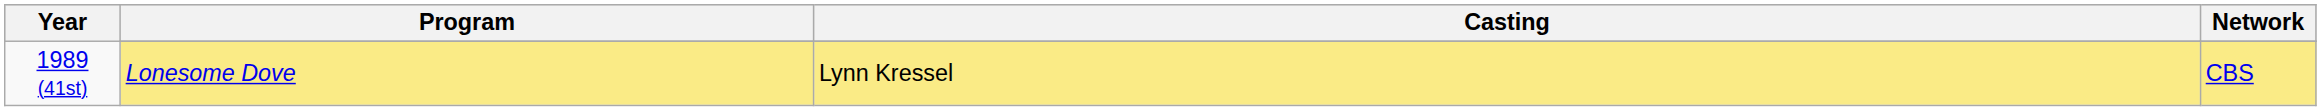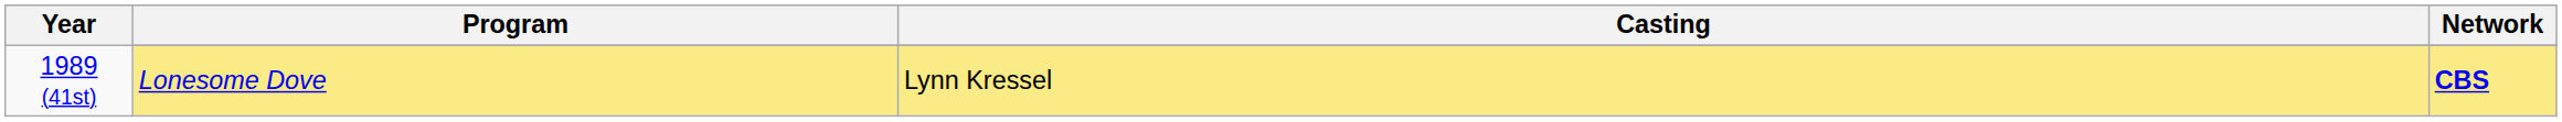 <table class="wikitable" style="width:100%">
 <tr bgcolor="#bebebe">
 <th width="5%">Year</th>
 <th width="30%">Program</th>
 <th width="60%">Casting</th>
 <th width="5%">Network</th>
 </tr>
 <tr>
 <td rowspan=2 style="text-align:center"><a href='#'>1989</a><br><small><a href='#'>(41st)</a></small></td>
 </tr>
 <tr style="background:#FAEB86">
 <td><em><a href='#'>Lonesome Dove</a></em></td>
 <td>Lynn Kressel</td>
-<td><a href='#'>CBS</a></td>
+<td><strong><a href='#'>CBS</a></strong></td>
 </tr>
 </table>
